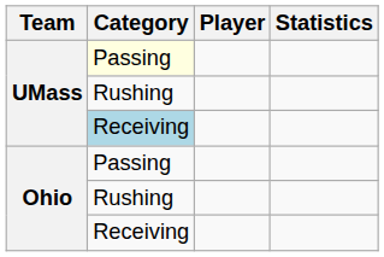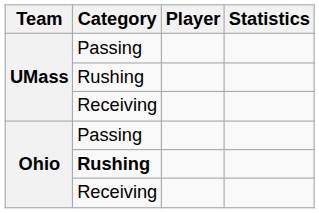 <table class="wikitable" style="float:right">
 <tr>
 <th>Team</th>
 <th>Category</th>
 <th>Player</th>
 <th>Statistics</th>
 </tr>
 <tr>
 <th rowspan=3>UMass</th>
-<td style="background: lightyellow;">Passing</td>
-<td></td>
-<td></td>
-</tr>
-<tr>
-<td>Rushing</td>
-<td></td>
-<td></td>
-</tr>
-<tr>
-<td style="background: lightblue;">Receiving</td>
-<td></td>
-<td></td>
-</tr>
-<tr>
-<th rowspan=3>Ohio</th>
 <td>Passing</td>
 <td></td>
 <td></td>
 </tr>
 <tr>
 <td>Rushing</td>
 <td></td>
 <td></td>
 </tr>
 <tr>
 <td>Receiving</td>
 <td></td>
 <td></td>
 </tr>
+<tr>
+<th rowspan=3>Ohio</th>
+<td>Passing</td>
+<td></td>
+<td></td>
+</tr>
+<tr>
+<td><strong>Rushing</strong></td>
+<td></td>
+<td></td>
+</tr>
+<tr>
+<td>Receiving</td>
+<td></td>
+<td></td>
+</tr>
 </table>
